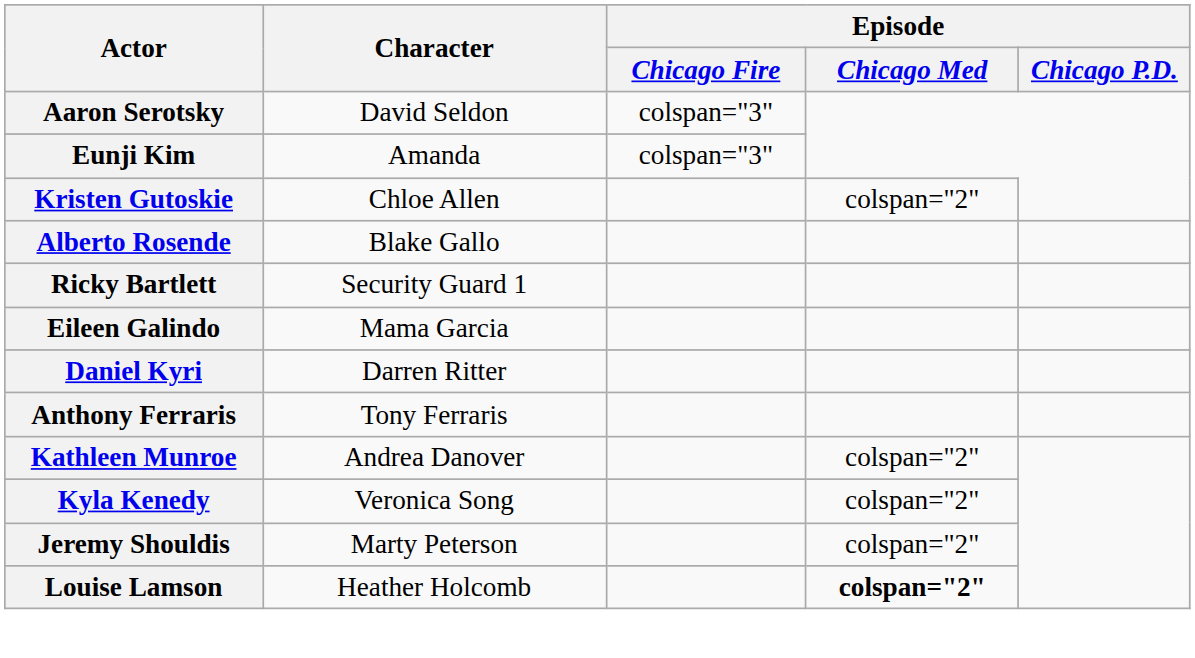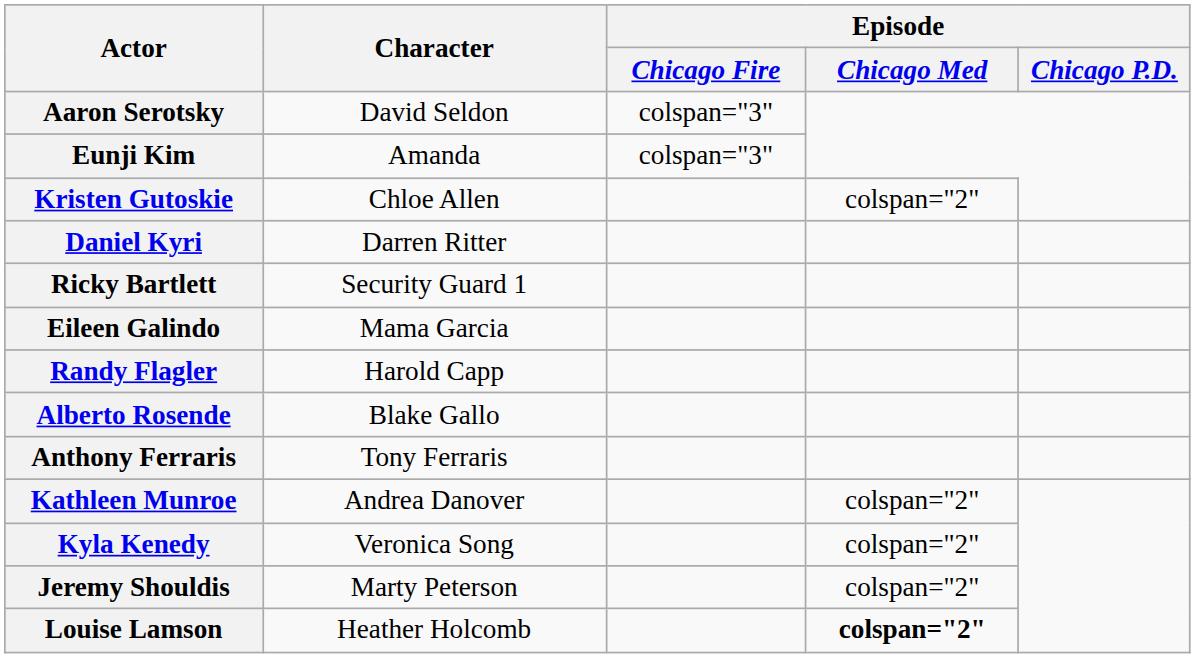 <table class="wikitable" style="width:79%; text-align:center;">
 <tr>
 <th scope="col" rowspan="2" width=15%>Actor</th>
 <th scope="col" rowspan="2" width=20%>Character</th>
 <th scope="col" colspan="3">Episode</th>
 </tr>
 <tr>
 <th scope="col" width=10%><em><a href='#'>Chicago Fire</a></em></th>
 <th scope="col" width=10%><em><a href='#'>Chicago Med</a></em></th>
 <th scope="col" width=10%><em><a href='#'>Chicago P.D.</a></em></th>
 </tr>
 <tr>
 <th scope="row">Aaron Serotsky</th>
 <td>David Seldon</td>
 <td>colspan="3" </td>
 </tr>
 <tr>
 <th scope="row">Eunji Kim</th>
 <td>Amanda</td>
 <td>colspan="3" </td>
 </tr>
 <tr>
 <th scope="row"><a href='#'>Kristen Gutoskie</a></th>
 <td>Chloe Allen</td>
 <td></td>
 <td>colspan="2" </td>
 </tr>
 <tr>
-<th scope="row"><a href='#'>Alberto Rosende</a></th>
-<td>Blake Gallo</td>
+<th scope="row"><a href='#'>Daniel Kyri</a></th>
+<td>Darren Ritter</td>
 <td></td>
 <td></td>
 <td></td>
 </tr>
 <tr>
 <th scope="row">Ricky Bartlett</th>
 <td>Security Guard 1</td>
 <td></td>
 <td></td>
 <td></td>
 </tr>
 <tr>
 <th scope="row">Eileen Galindo</th>
 <td>Mama Garcia</td>
 <td></td>
 <td></td>
 <td></td>
 </tr>
 <tr>
-<th scope="row"><a href='#'>Daniel Kyri</a></th>
-<td>Darren Ritter</td>
+<th scope="row"><a href='#'>Randy Flagler</a></th>
+<td>Harold Capp</td>
+<td></td>
+<td></td>
+<td></td>
+</tr>
+<tr>
+<th scope="row"><a href='#'>Alberto Rosende</a></th>
+<td>Blake Gallo</td>
 <td></td>
 <td></td>
 <td></td>
 </tr>
 <tr>
 <th scope="row">Anthony Ferraris</th>
 <td>Tony Ferraris</td>
 <td></td>
 <td></td>
 <td></td>
 </tr>
 <tr>
 <th scope="row"><a href='#'>Kathleen Munroe</a></th>
 <td>Andrea Danover</td>
 <td></td>
 <td>colspan="2" </td>
 </tr>
 <tr>
 <th scope="row"><a href='#'>Kyla Kenedy</a></th>
 <td>Veronica Song</td>
 <td></td>
 <td>colspan="2" </td>
 </tr>
 <tr>
 <th scope="row">Jeremy Shouldis</th>
 <td>Marty Peterson</td>
 <td></td>
 <td>colspan="2" </td>
 </tr>
 <tr>
 <th scope="row">Louise Lamson</th>
 <td>Heather Holcomb</td>
 <td></td>
 <td><strong>colspan="2" </strong></td>
 </tr>
 </table>
